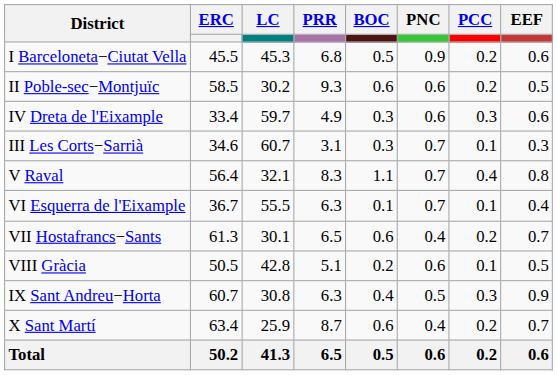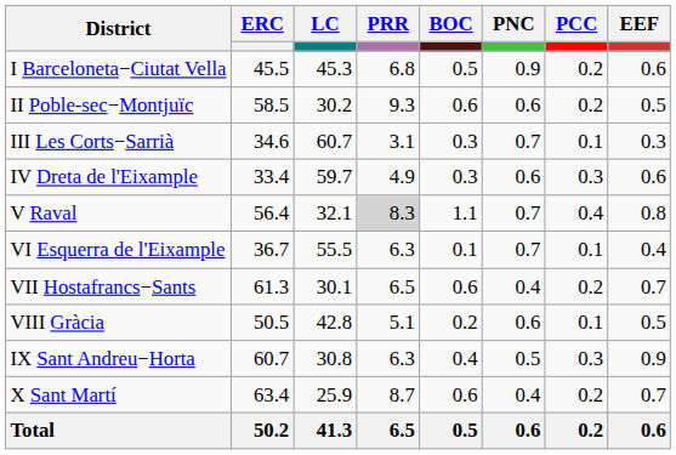 <table class="wikitable" style="text-align:right; font-size:95%; line-height:20px;">
 <tr>
 <th rowspan="2">District</th>
 <th width="40px"><a href='#'>ERC</a></th>
 <th width="40px"><a href='#'>LC</a></th>
 <th width="40px"><a href='#'>PRR</a></th>
 <th width="40px"><a href='#'>BOC</a></th>
 <th width="40px">PNC</th>
 <th width="40px"><a href='#'>PCC</a></th>
 <th width="40px">EEF</th>
 </tr>
 <tr>
 <th style="color:inherit;background:"></th>
 <th style="color:inherit;background:#008080"></th>
 <th style="color:inherit;background:#A871A8"></th>
 <th style="color:inherit;background:#4D1313"></th>
 <th style="color:inherit;background:#37C837"></th>
 <th style="color:inherit;background:#FF0000"></th>
 <th style="color:inherit;background:#C83737"></th>
 </tr>
 <tr>
 <td style="text-align: left;">I <a href='#'>Barceloneta</a>−<a href='#'>Ciutat Vella</a></td>
 <td>45.5</td>
 <td>45.3</td>
 <td>6.8</td>
 <td>0.5</td>
 <td>0.9</td>
 <td>0.2</td>
 <td>0.6</td>
 </tr>
 <tr>
 <td style="text-align: left;">II <a href='#'>Poble-sec</a>−<a href='#'>Montjuïc</a></td>
 <td>58.5</td>
 <td>30.2</td>
 <td>9.3</td>
 <td>0.6</td>
 <td>0.6</td>
 <td>0.2</td>
 <td>0.5</td>
 </tr>
 <tr>
+<td style="text-align: left;">III <a href='#'>Les Corts</a>−<a href='#'>Sarrià</a></td>
+<td>34.6</td>
+<td>60.7</td>
+<td>3.1</td>
+<td>0.3</td>
+<td>0.7</td>
+<td>0.1</td>
+<td>0.3</td>
+</tr>
+<tr>
 <td style="text-align: left;">IV <a href='#'>Dreta de l'Eixample</a></td>
 <td>33.4</td>
 <td>59.7</td>
 <td>4.9</td>
 <td>0.3</td>
 <td>0.6</td>
 <td>0.3</td>
 <td>0.6</td>
 </tr>
 <tr>
-<td style="text-align: left;">III <a href='#'>Les Corts</a>−<a href='#'>Sarrià</a></td>
-<td>34.6</td>
-<td>60.7</td>
-<td>3.1</td>
-<td>0.3</td>
-<td>0.7</td>
-<td>0.1</td>
-<td>0.3</td>
-</tr>
-<tr>
 <td style="text-align: left;">V <a href='#'>Raval</a></td>
 <td>56.4</td>
 <td>32.1</td>
-<td>8.3</td>
+<td style="background: lightgrey;">8.3</td>
 <td>1.1</td>
 <td>0.7</td>
 <td>0.4</td>
 <td>0.8</td>
 </tr>
 <tr>
 <td style="text-align: left;">VI <a href='#'>Esquerra de l'Eixample</a></td>
 <td>36.7</td>
 <td>55.5</td>
 <td>6.3</td>
 <td>0.1</td>
 <td>0.7</td>
 <td>0.1</td>
 <td>0.4</td>
 </tr>
 <tr>
 <td style="text-align: left;">VII <a href='#'>Hostafrancs</a>−<a href='#'>Sants</a></td>
 <td>61.3</td>
 <td>30.1</td>
 <td>6.5</td>
 <td>0.6</td>
 <td>0.4</td>
 <td>0.2</td>
 <td>0.7</td>
 </tr>
 <tr>
 <td style="text-align: left;">VIII <a href='#'>Gràcia</a></td>
 <td>50.5</td>
 <td>42.8</td>
 <td>5.1</td>
 <td>0.2</td>
 <td>0.6</td>
 <td>0.1</td>
 <td>0.5</td>
 </tr>
 <tr>
 <td style="text-align: left;">IX <a href='#'>Sant Andreu</a>−<a href='#'>Horta</a></td>
 <td>60.7</td>
 <td>30.8</td>
 <td>6.3</td>
 <td>0.4</td>
 <td>0.5</td>
 <td>0.3</td>
 <td>0.9</td>
 </tr>
 <tr>
 <td style="text-align: left;">X <a href='#'>Sant Martí</a></td>
 <td>63.4</td>
 <td>25.9</td>
 <td>8.7</td>
 <td>0.6</td>
 <td>0.4</td>
 <td>0.2</td>
 <td>0.7</td>
 </tr>
 <tr>
 <th style="text-align: left;">Total</th>
 <th style="text-align: right;">50.2</th>
 <th style="text-align: right;">41.3</th>
 <th style="text-align: right;">6.5</th>
 <th style="text-align: right;">0.5</th>
 <th style="text-align: right;">0.6</th>
 <th style="text-align: right;">0.2</th>
 <th style="text-align: right;">0.6</th>
 </tr>
 </table>
